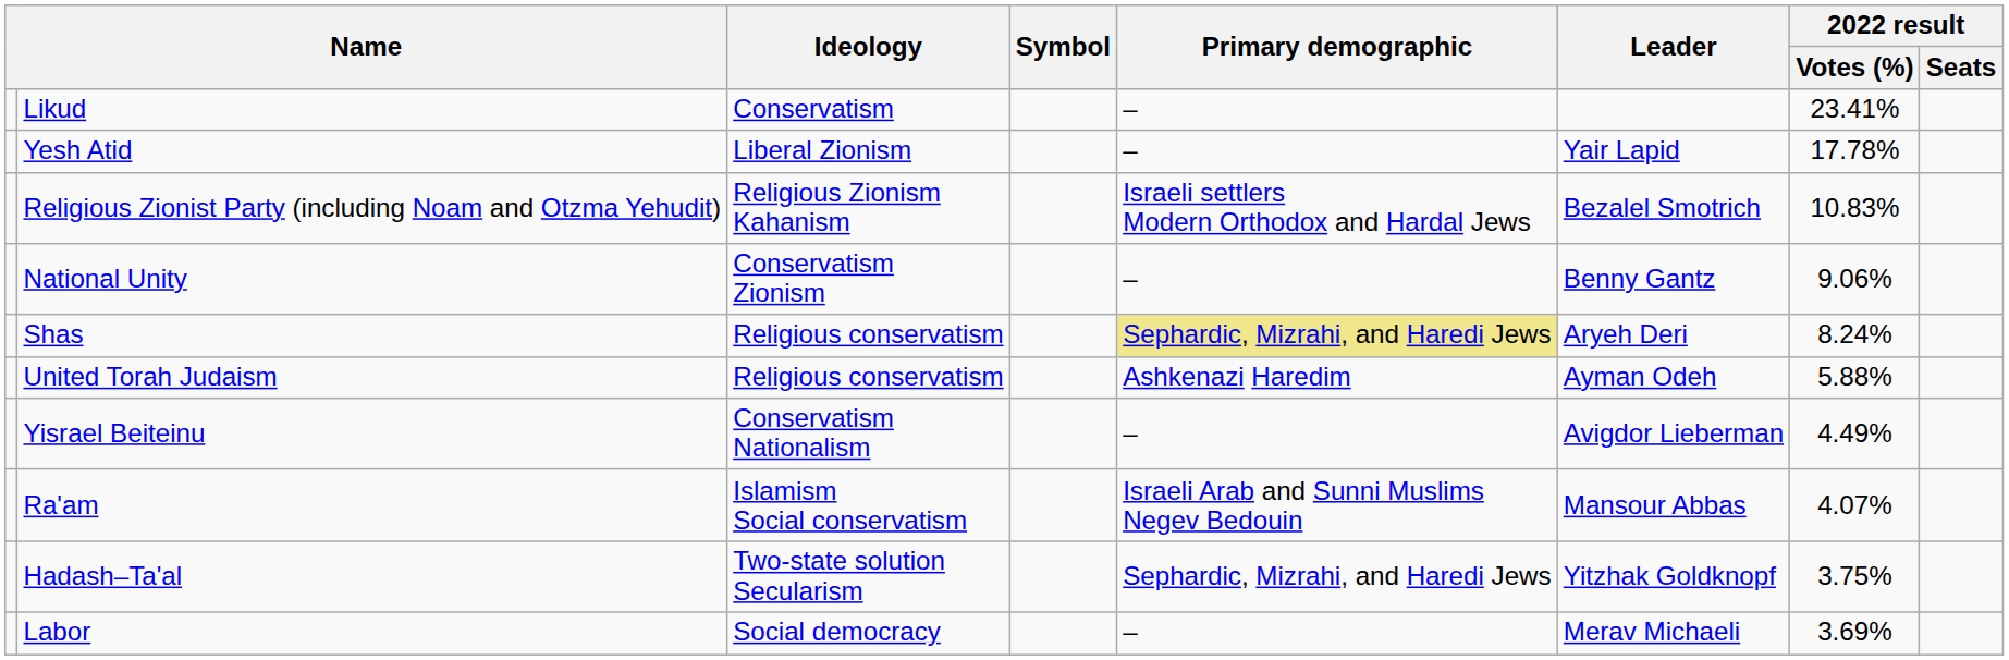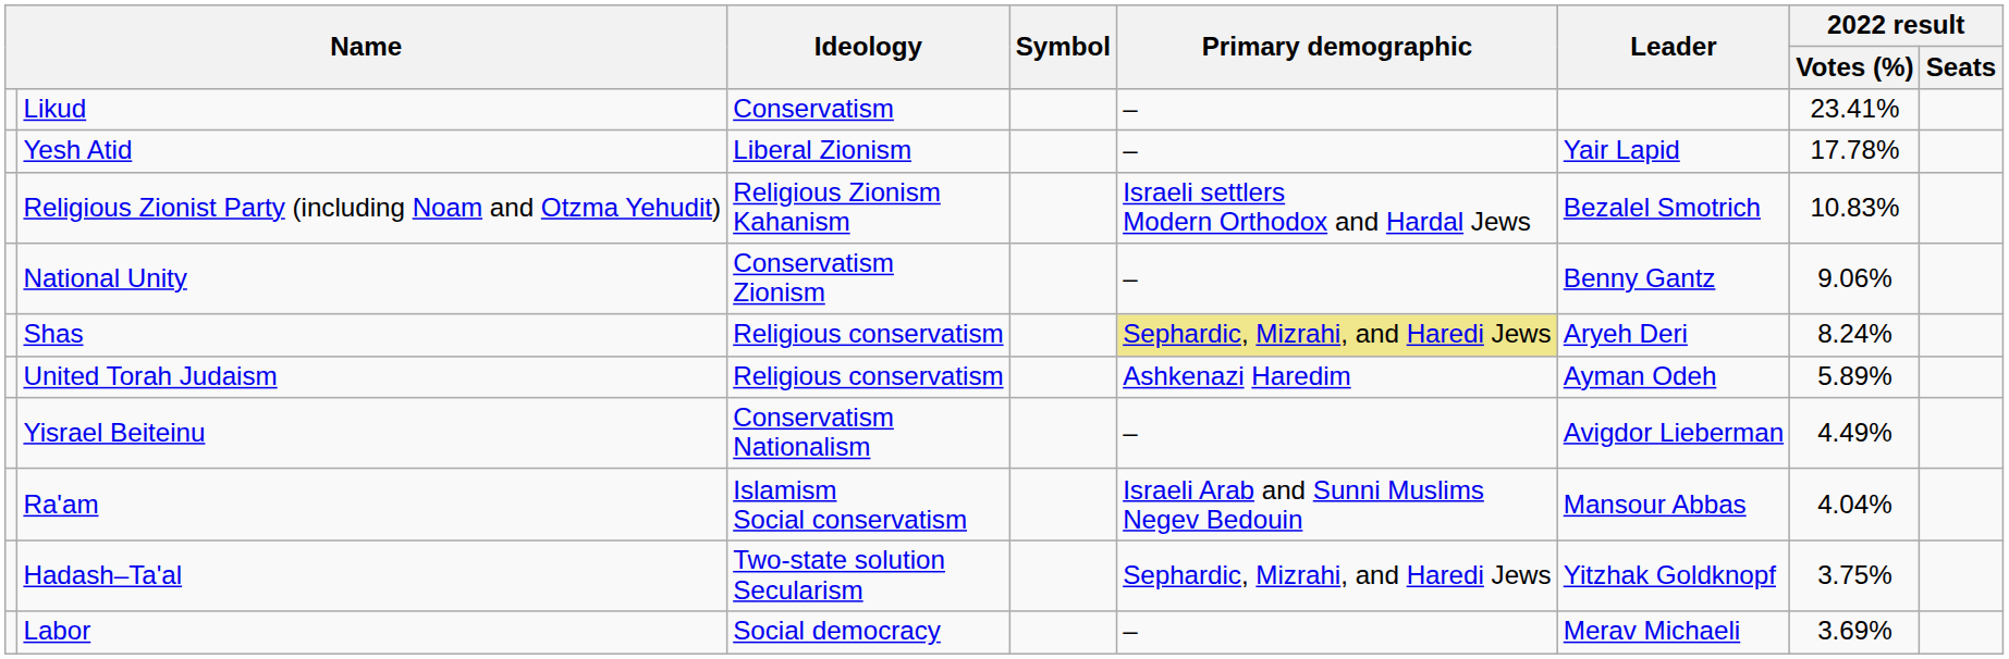 <table class=wikitable>
 <tr>
 <th colspan="2" rowspan="2">Name</th>
 <th rowspan="2">Ideology</th>
 <th rowspan="2">Symbol</th>
 <th rowspan="2">Primary demographic</th>
 <th rowspan="2">Leader</th>
 <th colspan="2">2022 result</th>
 </tr>
 <tr>
 <th>Votes (%)</th>
 <th>Seats</th>
 </tr>
 <tr>
 <td style="background:"></td>
 <td><a href='#'>Likud</a></td>
 <td><a href='#'>Conservatism</a></td>
 <td align="center"></td>
 <td>–</td>
 <td></td>
 <td style="text-align:center;">23.41%</td>
 <td></td>
 </tr>
 <tr>
 <td style="background:"></td>
 <td><a href='#'>Yesh Atid</a></td>
 <td><a href='#'>Liberal Zionism</a></td>
 <td style="text-align:center;"></td>
 <td>–</td>
 <td><a href='#'>Yair Lapid</a></td>
 <td style="text-align:center;">17.78%</td>
 <td></td>
 </tr>
 <tr>
 <td style="background:"></td>
 <td><a href='#'>Religious Zionist Party</a> (including <a href='#'>Noam</a> and <a href='#'>Otzma Yehudit</a>)</td>
 <td><a href='#'>Religious Zionism</a><br><a href='#'>Kahanism</a></td>
 <td style="text-align:center;"></td>
 <td><a href='#'>Israeli settlers</a><br><a href='#'>Modern Orthodox</a> and <a href='#'>Hardal</a> Jews</td>
 <td><a href='#'>Bezalel Smotrich</a></td>
 <td style="text-align:center;">10.83%</td>
 <td></td>
 </tr>
 <tr>
 <td style="background:"></td>
 <td><a href='#'>National Unity</a></td>
 <td><a href='#'>Conservatism</a><br><a href='#'>Zionism</a></td>
 <td style="text-align:center;"></td>
 <td>–</td>
 <td><a href='#'>Benny Gantz</a></td>
 <td style="text-align:center;">9.06%</td>
 <td></td>
 </tr>
 <tr>
 <td style="background:"></td>
 <td><a href='#'>Shas</a></td>
 <td><a href='#'>Religious conservatism</a></td>
 <td align="center"></td>
 <td style="background: khaki;"><a href='#'>Sephardic</a>, <a href='#'>Mizrahi</a>, and <a href='#'>Haredi</a> Jews</td>
 <td><a href='#'>Aryeh Deri</a></td>
 <td style="text-align:center;">8.24%</td>
 <td></td>
 </tr>
 <tr>
 <td style="background:"></td>
 <td><a href='#'>United Torah Judaism</a></td>
 <td><a href='#'>Religious conservatism</a></td>
 <td style="text-align:center;"></td>
 <td><a href='#'>Ashkenazi</a> <a href='#'>Haredim</a></td>
 <td><a href='#'>Ayman Odeh</a></td>
-<td style="text-align:center;">5.88%</td>
+<td style="text-align:center;">5.89%</td>
 <td></td>
 </tr>
 <tr>
 <td style="background:"></td>
 <td><a href='#'>Yisrael Beiteinu</a></td>
 <td><a href='#'>Conservatism</a><br><a href='#'>Nationalism</a></td>
 <td style="text-align:center;"></td>
 <td>–</td>
 <td><a href='#'>Avigdor Lieberman</a></td>
 <td style="text-align:center;">4.49%</td>
 <td></td>
 </tr>
 <tr>
 <td style="background:"></td>
 <td><a href='#'>Ra'am</a></td>
 <td><a href='#'>Islamism</a><br><a href='#'>Social conservatism</a></td>
 <td style="text-align:center;"></td>
 <td><a href='#'>Israeli Arab</a> and <a href='#'>Sunni Muslims</a><br><a href='#'>Negev Bedouin</a></td>
 <td><a href='#'>Mansour Abbas</a></td>
-<td style="text-align:center;">4.07%</td>
+<td style="text-align:center;">4.04%</td>
 <td></td>
 </tr>
 <tr>
 <td style="background:"></td>
 <td><a href='#'>Hadash–Ta'al</a></td>
 <td><a href='#'>Two-state solution</a><br><a href='#'>Secularism</a></td>
 <td style="text-align:center;"></td>
 <td><a href='#'>Sephardic</a>, <a href='#'>Mizrahi</a>, and <a href='#'>Haredi</a> Jews</td>
 <td><a href='#'>Yitzhak Goldknopf</a></td>
 <td style="text-align:center;">3.75%</td>
 <td></td>
 </tr>
 <tr>
 <td style="background:"></td>
 <td><a href='#'>Labor</a></td>
 <td><a href='#'>Social democracy</a></td>
 <td style="text-align:center;"></td>
 <td>–</td>
 <td><a href='#'>Merav Michaeli</a></td>
 <td style="text-align:center;">3.69%</td>
 <td></td>
 </tr>
 </table>
